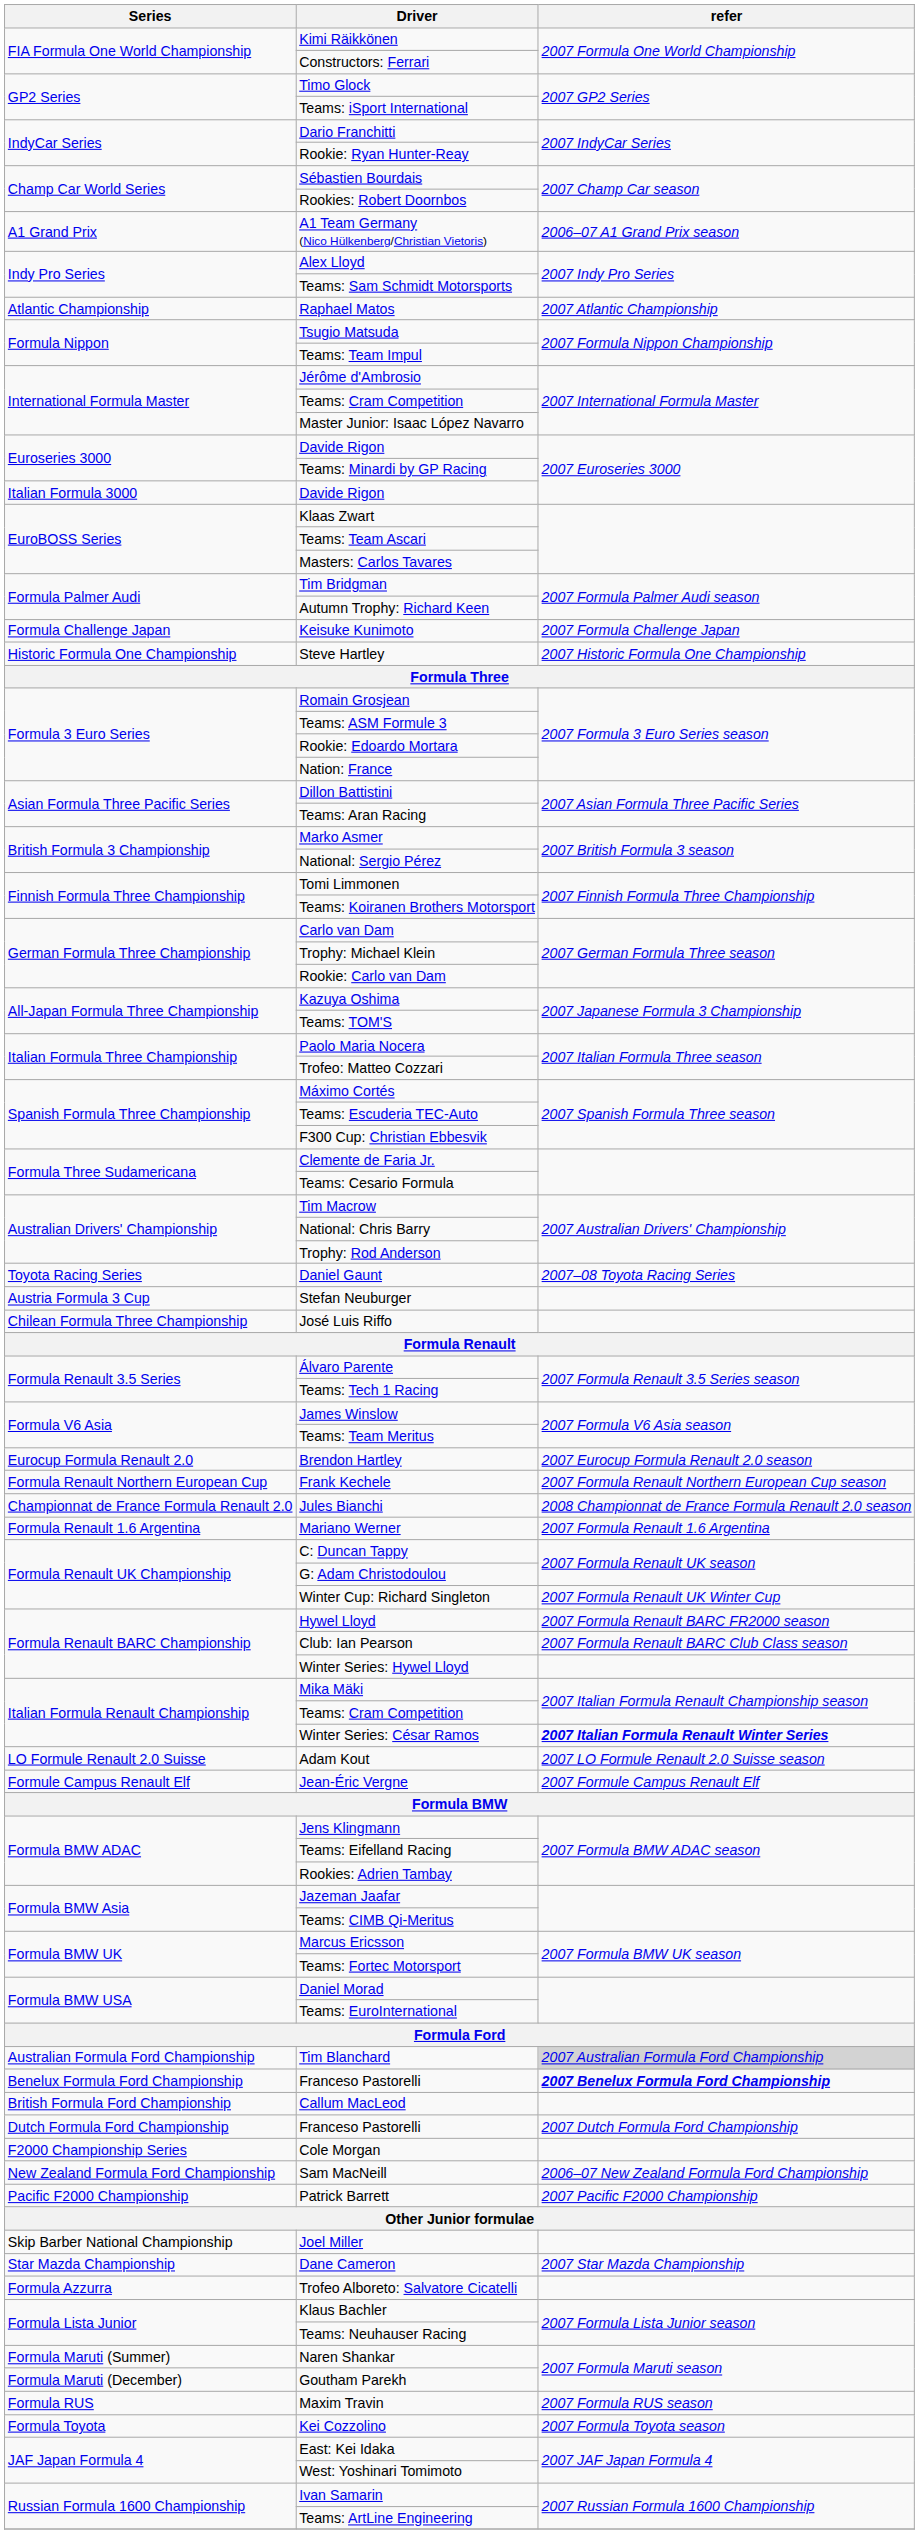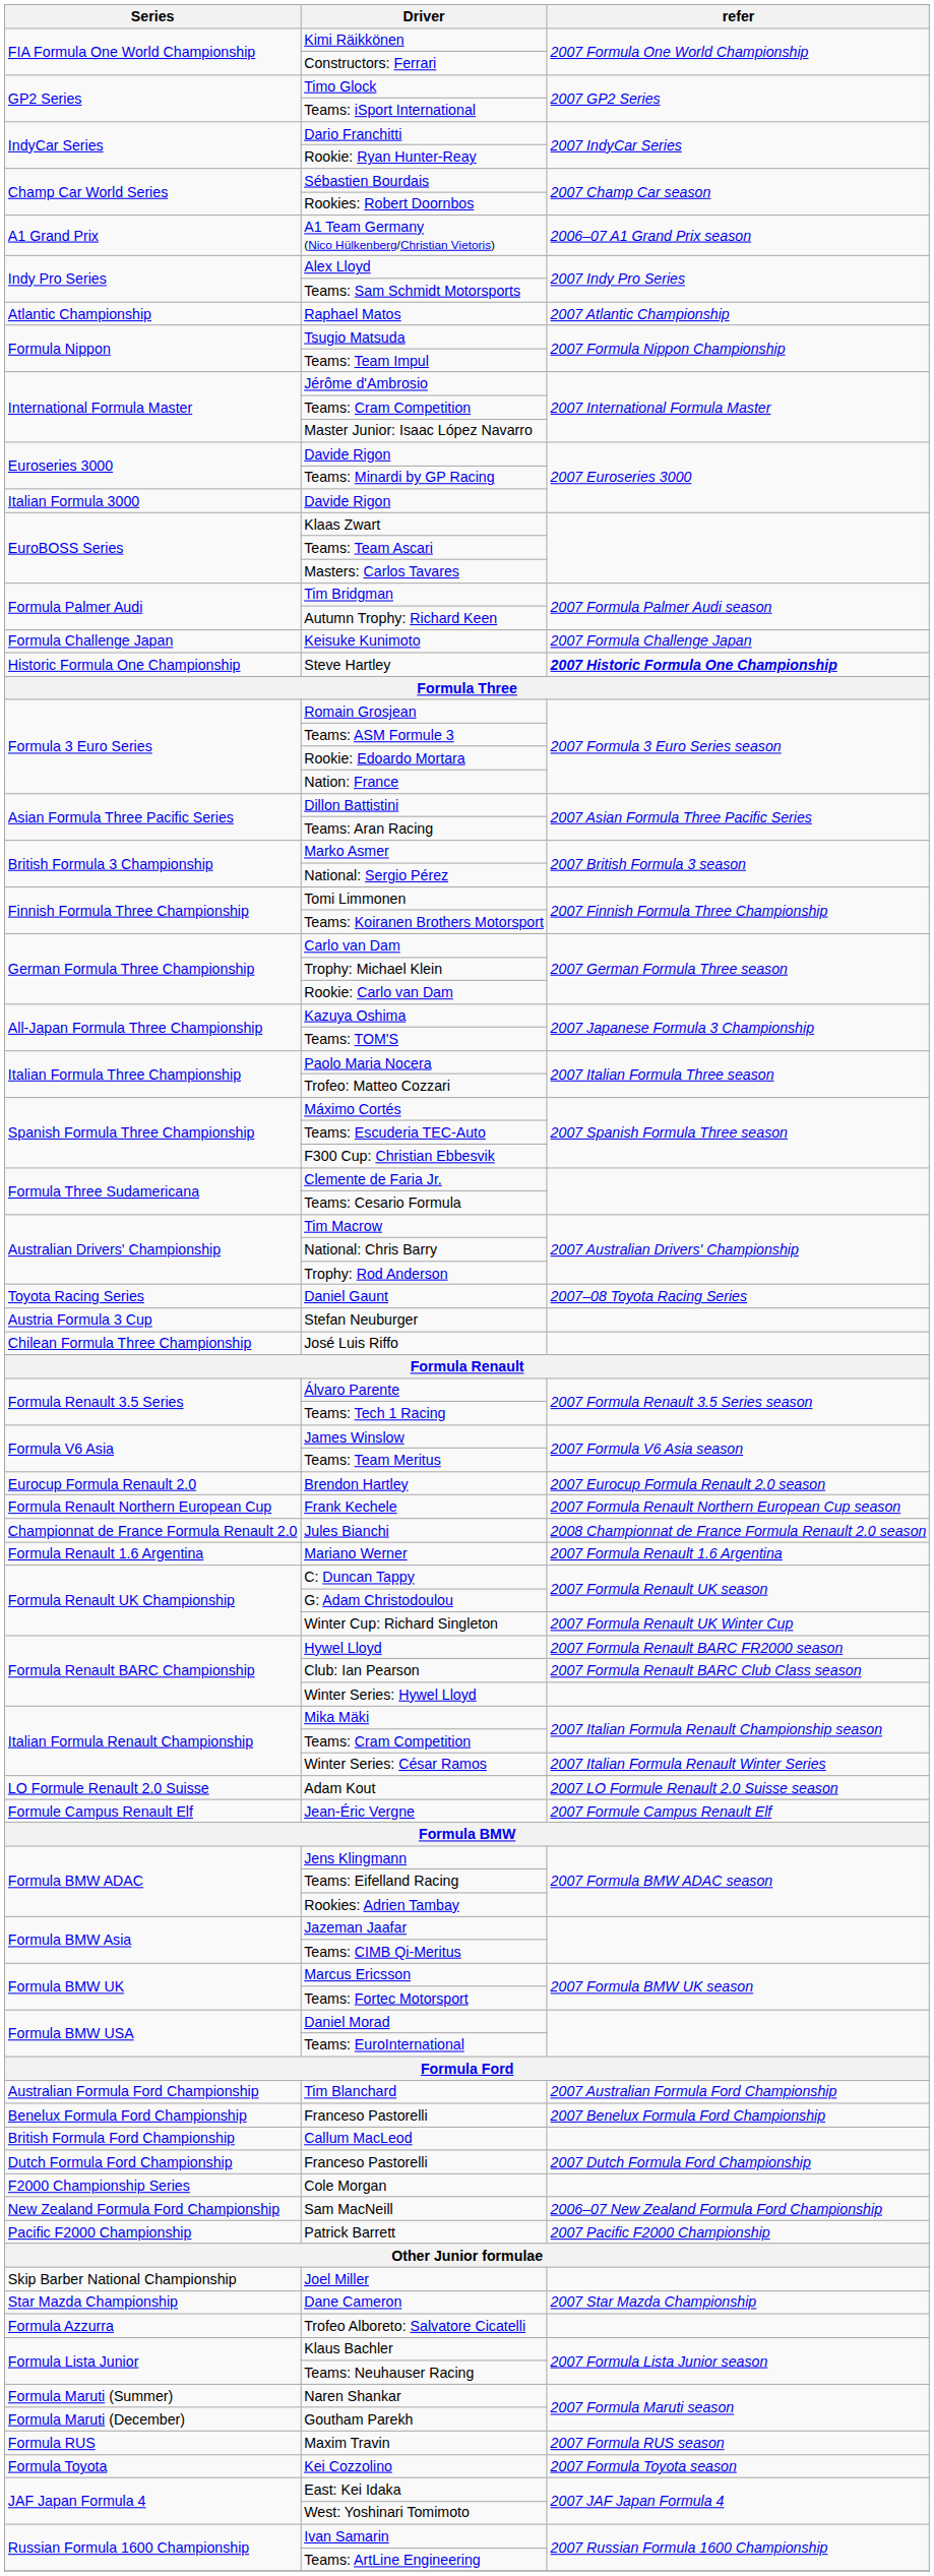 <table class="wikitable" style="font-size:87%">
 <tr>
 <th>Series</th>
 <th>Driver</th>
 <th>refer</th>
 </tr>
 <tr>
 <td rowspan=2><a href='#'>FIA Formula One World Championship</a></td>
 <td> <a href='#'>Kimi Räikkönen</a></td>
 <td rowspan=2><em><a href='#'>2007 Formula One World Championship</a></em></td>
 </tr>
 <tr>
 <td>Constructors:  <a href='#'>Ferrari</a></td>
 </tr>
 <tr>
 <td rowspan=2><a href='#'>GP2 Series</a></td>
 <td> <a href='#'>Timo Glock</a></td>
 <td rowspan=2><em><a href='#'>2007 GP2 Series</a></em></td>
 </tr>
 <tr>
 <td>Teams:  <a href='#'>iSport International</a></td>
 </tr>
 <tr>
 <td rowspan=2><a href='#'>IndyCar Series</a></td>
 <td> <a href='#'>Dario Franchitti</a></td>
 <td rowspan=2><em><a href='#'>2007 IndyCar Series</a></em></td>
 </tr>
 <tr>
 <td>Rookie:  <a href='#'>Ryan Hunter-Reay</a></td>
 </tr>
 <tr>
 <td rowspan=2><a href='#'>Champ Car World Series</a></td>
 <td> <a href='#'>Sébastien Bourdais</a></td>
 <td rowspan=2><em><a href='#'>2007 Champ Car season</a></em></td>
 </tr>
 <tr>
 <td>Rookies:  <a href='#'>Robert Doornbos</a></td>
 </tr>
 <tr>
 <td><a href='#'>A1 Grand Prix</a></td>
 <td> <a href='#'>A1 Team Germany</a><br><small>(<a href='#'>Nico Hülkenberg</a>/<a href='#'>Christian Vietoris</a>)</small></td>
 <td><em><a href='#'>2006–07 A1 Grand Prix season</a></em></td>
 </tr>
 <tr>
 <td rowspan=2><a href='#'>Indy Pro Series</a></td>
 <td> <a href='#'>Alex Lloyd</a></td>
 <td rowspan=2><em><a href='#'>2007 Indy Pro Series</a></em></td>
 </tr>
 <tr>
 <td>Teams:  <a href='#'>Sam Schmidt Motorsports</a></td>
 </tr>
 <tr>
 <td><a href='#'>Atlantic Championship</a></td>
 <td> <a href='#'>Raphael Matos</a></td>
 <td><em><a href='#'>2007 Atlantic Championship</a></em></td>
 </tr>
 <tr>
 <td rowspan=2><a href='#'>Formula Nippon</a></td>
 <td> <a href='#'>Tsugio Matsuda</a></td>
 <td rowspan=2><em><a href='#'>2007 Formula Nippon Championship</a></em></td>
 </tr>
 <tr>
 <td>Teams:  <a href='#'>Team Impul</a></td>
 </tr>
 <tr>
 <td rowspan=3><a href='#'>International Formula Master</a></td>
 <td> <a href='#'>Jérôme d'Ambrosio</a></td>
 <td rowspan=3><em><a href='#'>2007 International Formula Master</a></em></td>
 </tr>
 <tr>
 <td>Teams:  <a href='#'>Cram Competition</a></td>
 </tr>
 <tr>
 <td>Master Junior:  Isaac López Navarro</td>
 </tr>
 <tr>
 <td rowspan=2><a href='#'>Euroseries 3000</a></td>
 <td> <a href='#'>Davide Rigon</a></td>
 <td rowspan=3><em><a href='#'>2007 Euroseries 3000</a></em></td>
 </tr>
 <tr>
 <td>Teams:  <a href='#'>Minardi by GP Racing</a></td>
 </tr>
 <tr>
 <td><a href='#'>Italian Formula 3000</a></td>
 <td> <a href='#'>Davide Rigon</a></td>
 </tr>
 <tr>
 <td rowspan=3><a href='#'>EuroBOSS Series</a></td>
 <td> Klaas Zwart</td>
 <td rowspan=3></td>
 </tr>
 <tr>
 <td>Teams:  <a href='#'>Team Ascari</a></td>
 </tr>
 <tr>
 <td>Masters:  <a href='#'>Carlos Tavares</a></td>
 </tr>
 <tr>
 <td rowspan=2><a href='#'>Formula Palmer Audi</a></td>
 <td> <a href='#'>Tim Bridgman</a></td>
 <td rowspan=2><em><a href='#'>2007 Formula Palmer Audi season</a></em></td>
 </tr>
 <tr>
 <td>Autumn Trophy:  <a href='#'>Richard Keen</a></td>
 </tr>
 <tr>
 <td><a href='#'>Formula Challenge Japan</a></td>
 <td> <a href='#'>Keisuke Kunimoto</a></td>
 <td><em><a href='#'>2007 Formula Challenge Japan</a></em></td>
 </tr>
 <tr>
 <td><a href='#'>Historic Formula One Championship</a></td>
 <td> Steve Hartley</td>
-<td><em><a href='#'>2007 Historic Formula One Championship</a></em></td>
+<td><strong><em><a href='#'>2007 Historic Formula One Championship</a></em></strong></td>
 </tr>
 <tr>
 <th colspan=3><a href='#'>Formula Three</a></th>
 </tr>
 <tr>
 <td rowspan=4><a href='#'>Formula 3 Euro Series</a></td>
 <td> <a href='#'>Romain Grosjean</a></td>
 <td rowspan=4><em><a href='#'>2007 Formula 3 Euro Series season</a></em></td>
 </tr>
 <tr>
 <td>Teams:  <a href='#'>ASM Formule 3</a></td>
 </tr>
 <tr>
 <td>Rookie:  <a href='#'>Edoardo Mortara</a></td>
 </tr>
 <tr>
 <td>Nation:  <a href='#'>France</a></td>
 </tr>
 <tr>
 <td rowspan=2><a href='#'>Asian Formula Three Pacific Series</a></td>
 <td> <a href='#'>Dillon Battistini</a></td>
 <td rowspan=2><em><a href='#'>2007 Asian Formula Three Pacific Series</a></em></td>
 </tr>
 <tr>
 <td>Teams:  Aran Racing</td>
 </tr>
 <tr>
 <td rowspan=2><a href='#'>British Formula 3 Championship</a></td>
 <td> <a href='#'>Marko Asmer</a></td>
 <td rowspan=2><em><a href='#'>2007 British Formula 3 season</a></em></td>
 </tr>
 <tr>
 <td>National:  <a href='#'>Sergio Pérez</a></td>
 </tr>
 <tr>
 <td rowspan=2><a href='#'>Finnish Formula Three Championship</a></td>
 <td> Tomi Limmonen</td>
 <td rowspan=2><em><a href='#'>2007 Finnish Formula Three Championship</a></em></td>
 </tr>
 <tr>
 <td>Teams:  <a href='#'>Koiranen Brothers Motorsport</a></td>
 </tr>
 <tr>
 <td rowspan=3><a href='#'>German Formula Three Championship</a></td>
 <td> <a href='#'>Carlo van Dam</a></td>
 <td rowspan=3><em><a href='#'>2007 German Formula Three season</a></em></td>
 </tr>
 <tr>
 <td>Trophy:  Michael Klein</td>
 </tr>
 <tr>
 <td>Rookie:  <a href='#'>Carlo van Dam</a></td>
 </tr>
 <tr>
 <td rowspan="2"><a href='#'>All-Japan Formula Three Championship</a></td>
 <td> <a href='#'>Kazuya Oshima</a></td>
 <td rowspan="2"><em><a href='#'>2007 Japanese Formula 3 Championship</a></em></td>
 </tr>
 <tr>
 <td>Teams:  <a href='#'>TOM'S</a></td>
 </tr>
 <tr>
 <td rowspan=2><a href='#'>Italian Formula Three Championship</a></td>
 <td> <a href='#'>Paolo Maria Nocera</a></td>
 <td rowspan=2><em><a href='#'>2007 Italian Formula Three season</a></em></td>
 </tr>
 <tr>
 <td>Trofeo:  Matteo Cozzari</td>
 </tr>
 <tr>
 <td rowspan=3><a href='#'>Spanish Formula Three Championship</a></td>
 <td> <a href='#'>Máximo Cortés</a></td>
 <td rowspan=3><em><a href='#'>2007 Spanish Formula Three season</a></em></td>
 </tr>
 <tr>
 <td>Teams:  <a href='#'>Escuderia TEC-Auto</a></td>
 </tr>
 <tr>
 <td>F300 Cup:  <a href='#'>Christian Ebbesvik</a></td>
 </tr>
 <tr>
 <td rowspan=2><a href='#'>Formula Three Sudamericana</a></td>
 <td> <a href='#'>Clemente de Faria Jr.</a></td>
 <td rowspan=2></td>
 </tr>
 <tr>
 <td>Teams:  Cesario Formula</td>
 </tr>
 <tr>
 <td rowspan=3><a href='#'>Australian Drivers' Championship</a></td>
 <td> <a href='#'>Tim Macrow</a></td>
 <td rowspan=3><em><a href='#'>2007 Australian Drivers' Championship</a></em></td>
 </tr>
 <tr>
 <td>National:  Chris Barry</td>
 </tr>
 <tr>
 <td>Trophy:  <a href='#'>Rod Anderson</a></td>
 </tr>
 <tr>
 <td><a href='#'>Toyota Racing Series</a></td>
 <td> <a href='#'>Daniel Gaunt</a></td>
 <td><em><a href='#'>2007–08 Toyota Racing Series</a></em></td>
 </tr>
 <tr>
 <td><a href='#'>Austria Formula 3 Cup</a></td>
 <td> Stefan Neuburger</td>
 <td></td>
 </tr>
 <tr>
 <td><a href='#'>Chilean Formula Three Championship</a></td>
 <td> José Luis Riffo</td>
 <td></td>
 </tr>
 <tr>
 <th colspan=3 align="center"><a href='#'>Formula Renault</a></th>
 </tr>
 <tr>
 <td rowspan=2><a href='#'>Formula Renault 3.5 Series</a></td>
 <td> <a href='#'>Álvaro Parente</a></td>
 <td rowspan=2><em><a href='#'>2007 Formula Renault 3.5 Series season</a></em></td>
 </tr>
 <tr>
 <td>Teams:  <a href='#'>Tech 1 Racing</a></td>
 </tr>
 <tr>
 <td rowspan=2><a href='#'>Formula V6 Asia</a></td>
 <td> <a href='#'>James Winslow</a></td>
 <td rowspan=2><em><a href='#'>2007 Formula V6 Asia season</a></em></td>
 </tr>
 <tr>
 <td>Teams:  <a href='#'>Team Meritus</a></td>
 </tr>
 <tr>
 <td><a href='#'>Eurocup Formula Renault 2.0</a></td>
 <td> <a href='#'>Brendon Hartley</a></td>
 <td><em><a href='#'>2007 Eurocup Formula Renault 2.0 season</a></em></td>
 </tr>
 <tr>
 <td><a href='#'>Formula Renault Northern European Cup</a></td>
 <td> <a href='#'>Frank Kechele</a></td>
 <td><em><a href='#'>2007 Formula Renault Northern European Cup season</a></em></td>
 </tr>
 <tr>
 <td><a href='#'>Championnat de France Formula Renault 2.0</a></td>
 <td> <a href='#'>Jules Bianchi</a></td>
 <td><em><a href='#'>2008 Championnat de France Formula Renault 2.0 season</a></em></td>
 </tr>
 <tr>
 <td><a href='#'>Formula Renault 1.6 Argentina</a></td>
 <td> <a href='#'>Mariano Werner</a></td>
 <td><em><a href='#'>2007 Formula Renault 1.6 Argentina</a></em></td>
 </tr>
 <tr>
 <td rowspan=3><a href='#'>Formula Renault UK Championship</a></td>
 <td>C:  <a href='#'>Duncan Tappy</a></td>
 <td rowspan=2><em><a href='#'>2007 Formula Renault UK season</a></em></td>
 </tr>
 <tr>
 <td>G:  <a href='#'>Adam Christodoulou</a></td>
 </tr>
 <tr>
 <td>Winter Cup:  Richard Singleton</td>
 <td><em><a href='#'>2007 Formula Renault UK Winter Cup</a></em></td>
 </tr>
 <tr>
 <td rowspan=3><a href='#'>Formula Renault BARC Championship</a></td>
 <td> <a href='#'>Hywel Lloyd</a></td>
 <td><em><a href='#'>2007 Formula Renault BARC FR2000 season</a></em></td>
 </tr>
 <tr>
 <td>Club:  Ian Pearson</td>
 <td><em><a href='#'>2007 Formula Renault BARC Club Class season</a></em></td>
 </tr>
 <tr>
 <td>Winter Series:  <a href='#'>Hywel Lloyd</a></td>
 <td></td>
 </tr>
 <tr>
 <td rowspan=3><a href='#'>Italian Formula Renault Championship</a></td>
 <td> <a href='#'>Mika Mäki</a></td>
 <td rowspan=2><em><a href='#'>2007 Italian Formula Renault Championship season</a></em></td>
 </tr>
 <tr>
 <td>Teams:  <a href='#'>Cram Competition</a></td>
 </tr>
 <tr>
 <td>Winter Series:  <a href='#'>César Ramos</a></td>
-<td><strong><em><a href='#'>2007 Italian Formula Renault Winter Series</a></em></strong></td>
+<td><em><a href='#'>2007 Italian Formula Renault Winter Series</a></em></td>
 </tr>
 <tr>
 <td><a href='#'>LO Formule Renault 2.0 Suisse</a></td>
 <td> Adam Kout</td>
 <td><em><a href='#'>2007 LO Formule Renault 2.0 Suisse season</a></em></td>
 </tr>
 <tr>
 <td><a href='#'>Formule Campus Renault Elf</a></td>
 <td> <a href='#'>Jean-Éric Vergne</a></td>
 <td><em><a href='#'>2007 Formule Campus Renault Elf</a></em></td>
 </tr>
 <tr>
 <th colspan=3><a href='#'>Formula BMW</a></th>
 </tr>
 <tr>
 <td rowspan=3><a href='#'>Formula BMW ADAC</a></td>
 <td> <a href='#'>Jens Klingmann</a></td>
 <td rowspan=3><em><a href='#'>2007 Formula BMW ADAC season</a></em></td>
 </tr>
 <tr>
 <td>Teams:  Eifelland Racing</td>
 </tr>
 <tr>
 <td>Rookies:  <a href='#'>Adrien Tambay</a></td>
 </tr>
 <tr>
 <td rowspan=2><a href='#'>Formula BMW Asia</a></td>
 <td> <a href='#'>Jazeman Jaafar</a></td>
 <td rowspan=2></td>
 </tr>
 <tr>
 <td>Teams:  <a href='#'>CIMB Qi-Meritus</a></td>
 </tr>
 <tr>
 <td rowspan=2><a href='#'>Formula BMW UK</a></td>
 <td> <a href='#'>Marcus Ericsson</a></td>
 <td rowspan=2><em><a href='#'>2007 Formula BMW UK season</a></em></td>
 </tr>
 <tr>
 <td>Teams:  <a href='#'>Fortec Motorsport</a></td>
 </tr>
 <tr>
 <td rowspan=2><a href='#'>Formula BMW USA</a></td>
 <td> <a href='#'>Daniel Morad</a></td>
 <td rowspan=2></td>
 </tr>
 <tr>
 <td>Teams:  <a href='#'>EuroInternational</a></td>
 </tr>
 <tr>
 <th colspan=3><a href='#'>Formula Ford</a></th>
 </tr>
 <tr>
 <td><a href='#'>Australian Formula Ford Championship</a></td>
 <td> <a href='#'>Tim Blanchard</a></td>
-<td style="background: lightgrey;"><em><a href='#'>2007 Australian Formula Ford Championship</a></em></td>
+<td><em><a href='#'>2007 Australian Formula Ford Championship</a></em></td>
 </tr>
 <tr>
 <td><a href='#'>Benelux Formula Ford Championship</a></td>
 <td> Franceso Pastorelli</td>
-<td><strong><em><a href='#'>2007 Benelux Formula Ford Championship</a></em></strong></td>
+<td><em><a href='#'>2007 Benelux Formula Ford Championship</a></em></td>
 </tr>
 <tr>
 <td><a href='#'>British Formula Ford Championship</a></td>
 <td> <a href='#'>Callum MacLeod</a></td>
 <td></td>
 </tr>
 <tr>
 <td><a href='#'>Dutch Formula Ford Championship</a></td>
 <td> Franceso Pastorelli</td>
 <td><em><a href='#'>2007 Dutch Formula Ford Championship</a></em></td>
 </tr>
 <tr>
 <td><a href='#'>F2000 Championship Series</a></td>
 <td> Cole Morgan</td>
 <td></td>
 </tr>
 <tr>
 <td><a href='#'>New Zealand Formula Ford Championship</a></td>
 <td> Sam MacNeill</td>
 <td><em><a href='#'>2006–07 New Zealand Formula Ford Championship</a></em></td>
 </tr>
 <tr>
 <td><a href='#'>Pacific F2000 Championship</a></td>
 <td> Patrick Barrett</td>
 <td><em><a href='#'>2007 Pacific F2000 Championship</a></em></td>
 </tr>
 <tr>
 <th colspan=3 align="center">Other Junior formulae</th>
 </tr>
 <tr>
 <td>Skip Barber National Championship</td>
 <td> <a href='#'>Joel Miller</a></td>
 <td></td>
 </tr>
 <tr>
 <td><a href='#'>Star Mazda Championship</a></td>
 <td> <a href='#'>Dane Cameron</a></td>
 <td><em><a href='#'>2007 Star Mazda Championship</a></em></td>
 </tr>
 <tr>
 <td><a href='#'>Formula Azzurra</a></td>
 <td>Trofeo Alboreto:  <a href='#'>Salvatore Cicatelli</a></td>
 <td></td>
 </tr>
 <tr>
 <td rowspan=2><a href='#'>Formula Lista Junior</a></td>
 <td> Klaus Bachler</td>
 <td rowspan=2><em><a href='#'>2007 Formula Lista Junior season</a></em></td>
 </tr>
 <tr>
 <td>Teams:  Neuhauser Racing</td>
 </tr>
 <tr>
 <td><a href='#'>Formula Maruti</a> (Summer)</td>
 <td> Naren Shankar</td>
 <td rowspan=2><em><a href='#'>2007 Formula Maruti season</a></em></td>
 </tr>
 <tr>
 <td><a href='#'>Formula Maruti</a> (December)</td>
 <td> Goutham Parekh</td>
 </tr>
 <tr>
 <td><a href='#'>Formula RUS</a></td>
 <td> Maxim Travin</td>
 <td><em><a href='#'>2007 Formula RUS season</a></em></td>
 </tr>
 <tr>
 <td><a href='#'>Formula Toyota</a></td>
 <td> <a href='#'>Kei Cozzolino</a></td>
 <td><em><a href='#'>2007 Formula Toyota season</a></em></td>
 </tr>
 <tr>
 <td rowspan=2><a href='#'>JAF Japan Formula 4</a></td>
 <td>East:  Kei Idaka</td>
 <td rowspan=2><em><a href='#'>2007 JAF Japan Formula 4</a></em></td>
 </tr>
 <tr>
 <td>West:  Yoshinari Tomimoto</td>
 </tr>
 <tr>
 <td rowspan=2><a href='#'>Russian Formula 1600 Championship</a></td>
 <td> <a href='#'>Ivan Samarin</a></td>
 <td rowspan=2><em><a href='#'>2007 Russian Formula 1600 Championship</a></em></td>
 </tr>
 <tr>
 <td>Teams:  <a href='#'>ArtLine Engineering</a></td>
 </tr>
 <tr>
 </tr>
 </table>
